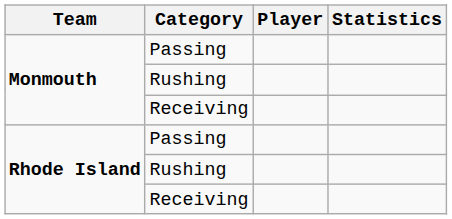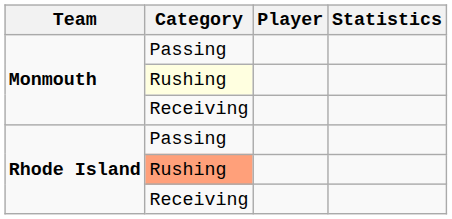 <table class="wikitable" style="float: right;">
 <tr>
 <th>Team</th>
 <th>Category</th>
 <th>Player</th>
 <th>Statistics</th>
 </tr>
 <tr>
 <td rowspan=3><strong>Monmouth</strong></td>
 <td>Passing</td>
 <td></td>
 <td></td>
 </tr>
 <tr>
-<td>Rushing</td>
+<td style="background: lightyellow;">Rushing</td>
 <td></td>
 <td></td>
 </tr>
 <tr>
 <td>Receiving</td>
 <td></td>
 <td></td>
 </tr>
 <tr>
 <td rowspan=3><strong>Rhode Island</strong></td>
 <td>Passing</td>
 <td></td>
 <td></td>
 </tr>
 <tr>
-<td>Rushing</td>
+<td style="background: lightsalmon;">Rushing</td>
 <td></td>
 <td></td>
 </tr>
 <tr>
 <td>Receiving</td>
 <td></td>
 <td></td>
 </tr>
 </table>
